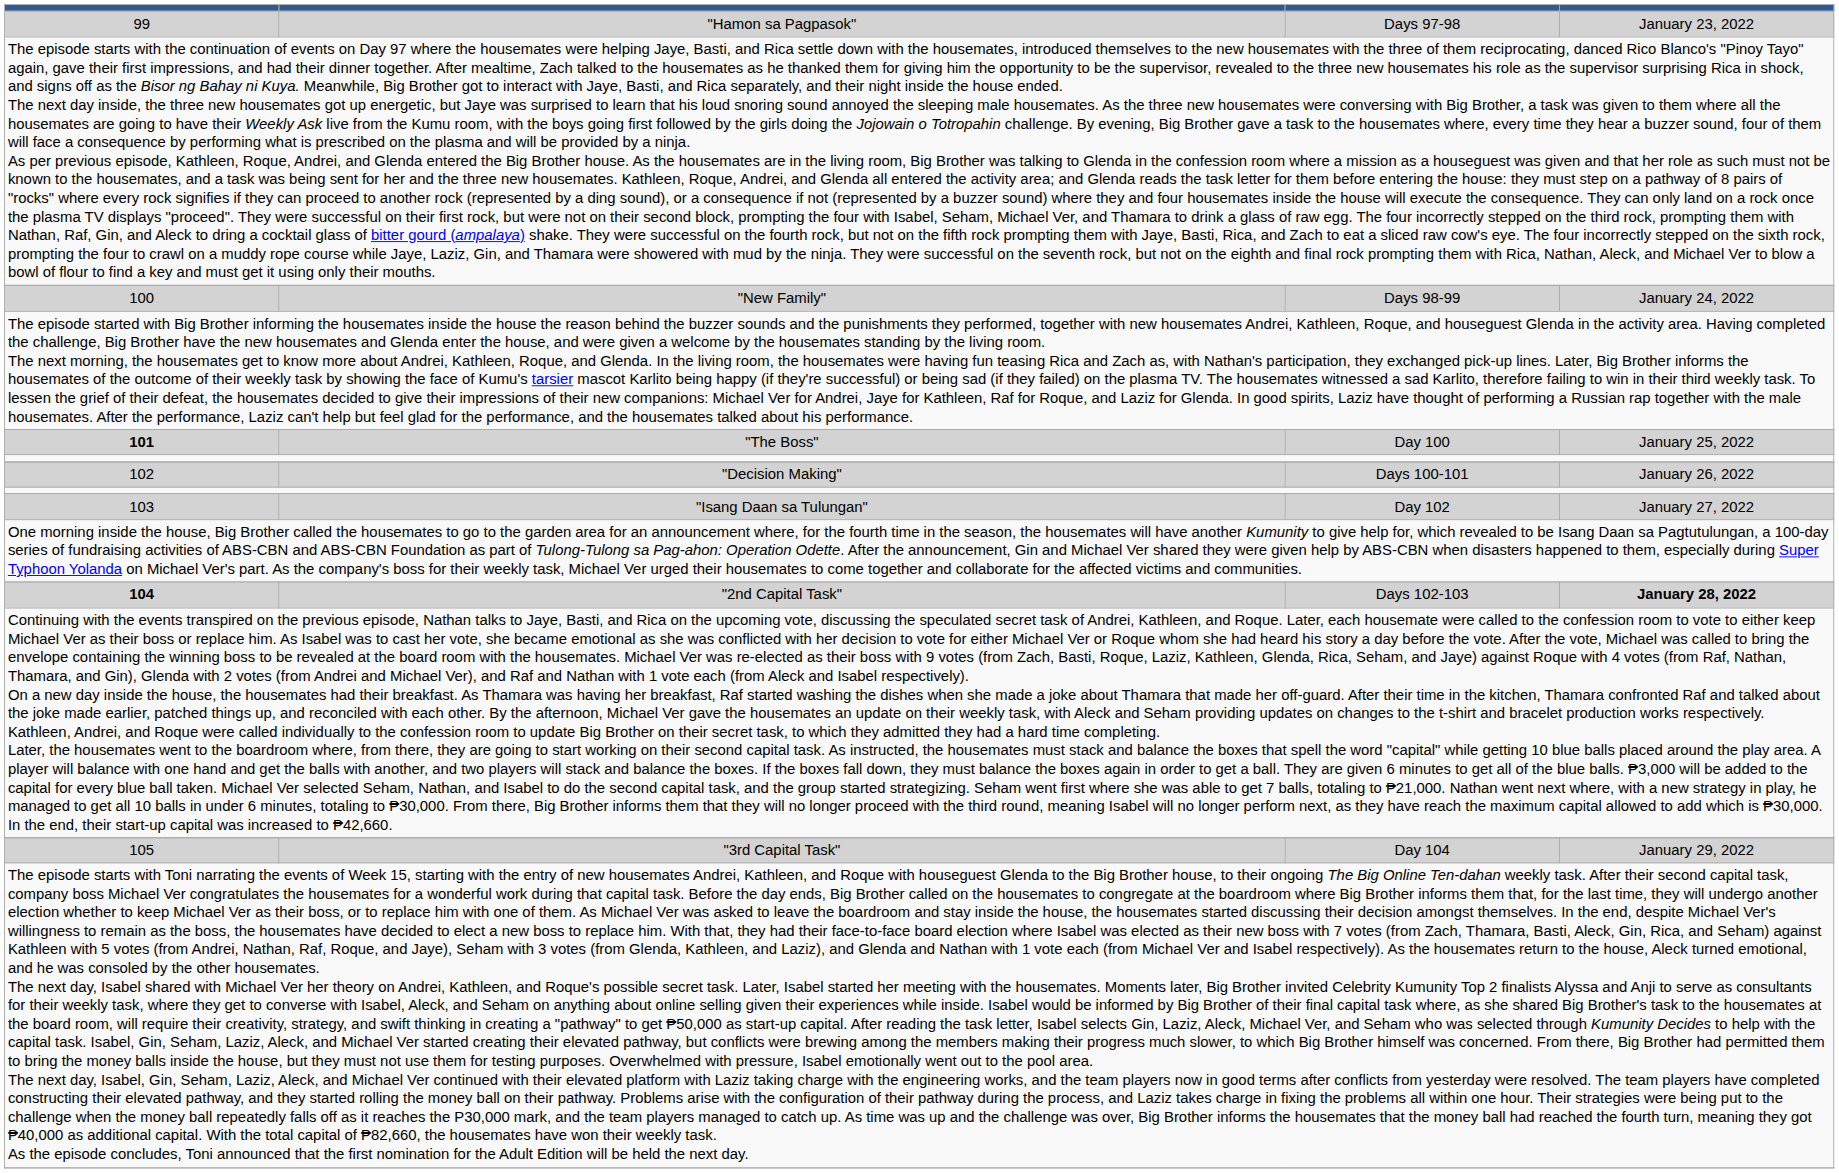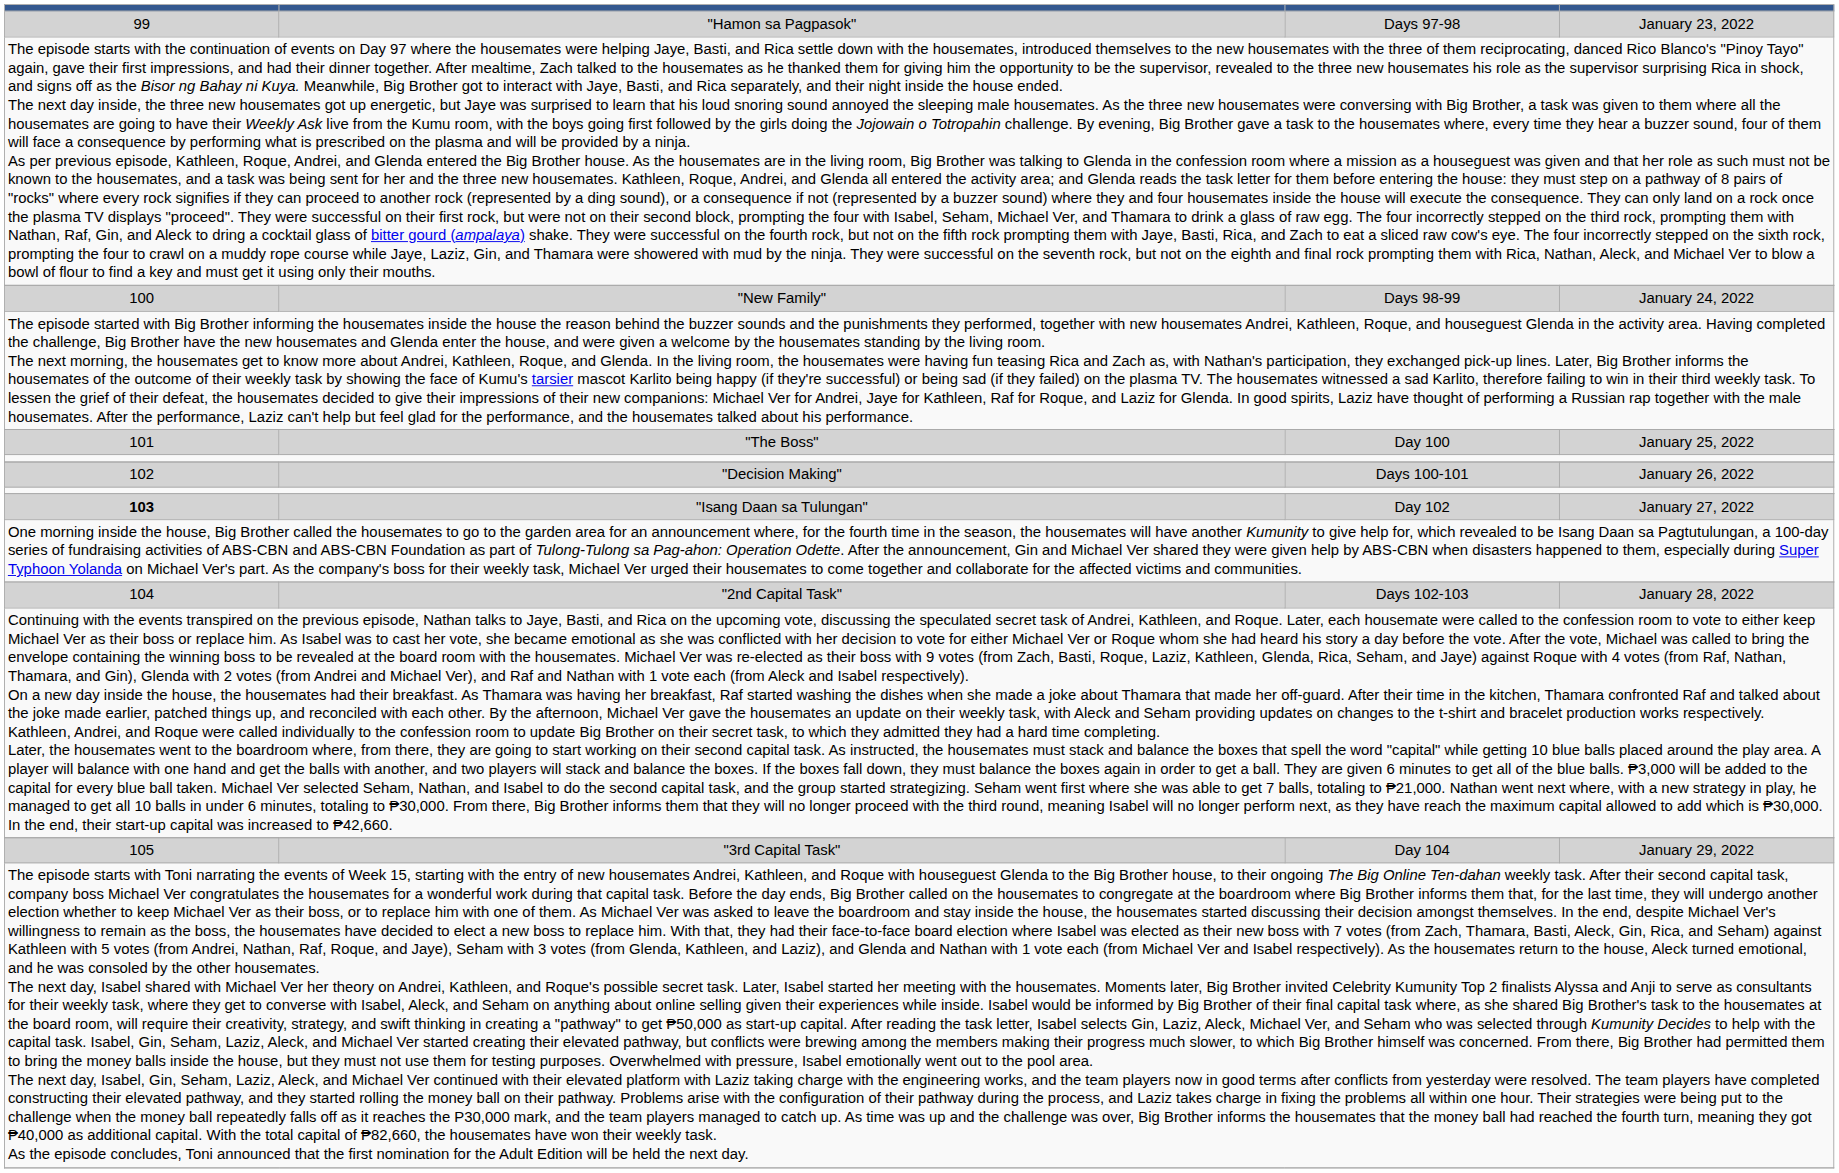 <table class="wikitable sortable" style="font-size:100%; line-height:20px; text-align:center">
 <tr>
 <th width="15%" style="background:#34588F"></th>
 <th width="55%" style="background:#34588F"></th>
 <th width="15%" style="background:#34588F"></th>
 <th width="15%" style="background:#34588F"></th>
 </tr>
 <tr style="background:lightgrey;">
 <td>99</td>
 <td>"Hamon sa Pagpasok"</td>
 <td>Days 97-98</td>
 <td>January 23, 2022</td>
 </tr>
 <tr>
 <td colspan="4" align="left">The episode starts with the continuation of events on Day 97 where the housemates were helping Jaye, Basti, and Rica settle down with the housemates, introduced themselves to the new housemates with the three of them reciprocating, danced Rico Blanco's "Pinoy Tayo" again, gave their first impressions, and had their dinner together. After mealtime, Zach talked to the housemates as he thanked them for giving him the opportunity to be the supervisor, revealed to the three new housemates his role as the supervisor surprising Rica in shock, and signs off as the <em>Bisor ng Bahay ni Kuya.</em> Meanwhile, Big Brother got to interact with Jaye, Basti, and Rica separately, and their night inside the house ended.<br>The next day inside, the three new housemates got up energetic, but Jaye was surprised to learn that his loud snoring sound annoyed the sleeping male housemates. As the three new housemates were conversing with Big Brother, a task was given to them where all the housemates are going to have their <em>Weekly Ask</em> live from the Kumu room, with the boys going first followed by the girls doing the <em>Jojowain o Totropahin</em> challenge. By evening, Big Brother gave a task to the housemates where, every time they hear a buzzer sound, four of them will face a consequence by performing what is prescribed on the plasma and will be provided by a ninja.<br>As per previous episode, Kathleen, Roque, Andrei, and Glenda entered the Big Brother house. As the housemates are in the living room, Big Brother was talking to Glenda in the confession room where a mission as a houseguest was given and that her role as such must not be known to the housemates, and a task was being sent for her and the three new housemates. Kathleen, Roque, Andrei, and Glenda all entered the activity area; and Glenda reads the task letter for them before entering the house: they must step on a pathway of 8 pairs of "rocks" where every rock signifies if they can proceed to another rock (represented by a ding sound), or a consequence if not (represented by a buzzer sound) where they and four housemates inside the house will execute the consequence. They can only land on a rock once the plasma TV displays "proceed". They were successful on their first rock, but were not on their second block, prompting the four with Isabel, Seham, Michael Ver, and Thamara to drink a glass of raw egg. The four incorrectly stepped on the third rock, prompting them with Nathan, Raf, Gin, and Aleck to dring a cocktail glass of <a href='#'>bitter gourd (<em>ampalaya</em>)</a> shake. They were successful on the fourth rock, but not on the fifth rock prompting them with Jaye, Basti, Rica, and Zach to eat a sliced raw cow's eye. The four incorrectly stepped on the sixth rock, prompting the four to crawl on a muddy rope course while Jaye, Laziz, Gin, and Thamara were showered with mud by the ninja. They were successful on the seventh rock, but not on the eighth and final rock prompting them with Rica, Nathan, Aleck, and Michael Ver to blow a bowl of flour to find a key and must get it using only their mouths.</td>
 </tr>
 <tr>
 </tr>
 <tr style="background:lightgrey;">
 <td>100</td>
 <td>"New Family"</td>
 <td>Days 98-99</td>
 <td>January 24, 2022</td>
 </tr>
 <tr>
 <td colspan="4" align="left">The episode started with Big Brother informing the housemates inside the house the reason behind the buzzer sounds and the punishments they performed, together with new housemates Andrei, Kathleen, Roque, and houseguest Glenda in the activity area. Having completed the challenge, Big Brother have the new housemates and Glenda enter the house, and were given a welcome by the housemates standing by the living room.<br>The next morning, the housemates get to know more about Andrei, Kathleen, Roque, and Glenda. In the living room, the housemates were having fun teasing Rica and Zach as, with Nathan's participation, they exchanged pick-up lines. Later, Big Brother informs the housemates of the outcome of their weekly task by showing the face of Kumu's <a href='#'>tarsier</a> mascot Karlito being happy (if they're successful) or being sad (if they failed) on the plasma TV. The housemates witnessed a sad Karlito, therefore failing to win in their third weekly task. To lessen the grief of their defeat, the housemates decided to give their impressions of their new companions: Michael Ver for Andrei, Jaye for Kathleen, Raf for Roque, and Laziz for Glenda. In good spirits, Laziz have thought of performing a Russian rap together with the male housemates. After the performance, Laziz can't help but feel glad for the performance, and the housemates talked about his performance.</td>
 </tr>
 <tr>
 </tr>
 <tr style="background:lightgrey;">
-<td><strong>101</strong></td>
+<td>101</td>
 <td>"The Boss"</td>
 <td>Day 100</td>
 <td>January 25, 2022</td>
 </tr>
 <tr>
 <td colspan="4" align="left"></td>
 </tr>
 <tr>
 </tr>
 <tr style="background:lightgrey;">
 <td>102</td>
 <td>"Decision Making"</td>
 <td>Days 100-101</td>
 <td>January 26, 2022</td>
 </tr>
 <tr>
 <td colspan="4" align="left"></td>
 </tr>
 <tr>
 </tr>
 <tr style="background:lightgrey;">
-<td>103</td>
+<td><strong>103</strong></td>
 <td>"Isang Daan sa Tulungan"</td>
 <td>Day 102</td>
 <td>January 27, 2022</td>
 </tr>
 <tr>
 <td colspan="4" align="left">One morning inside the house, Big Brother called the housemates to go to the garden area for an announcement where, for the fourth time in the season, the housemates will have another <em>Kumunity</em> to give help for, which revealed to be Isang Daan sa Pagtutulungan, a 100-day series of fundraising activities of ABS-CBN and ABS-CBN Foundation as part of <em>Tulong-Tulong sa Pag-ahon: Operation Odette</em>. After the announcement, Gin and Michael Ver shared they were given help by ABS-CBN when disasters happened to them, especially during <a href='#'>Super Typhoon Yolanda</a> on Michael Ver's part. As the company's boss for their weekly task, Michael Ver urged their housemates to come together and collaborate for the affected victims and communities.</td>
 </tr>
 <tr>
 </tr>
 <tr style="background:lightgrey;">
-<td><strong>104</strong></td>
+<td>104</td>
 <td>"2nd Capital Task"</td>
 <td>Days 102-103</td>
-<td><strong>January 28, 2022</strong></td>
+<td>January 28, 2022</td>
 </tr>
 <tr>
 <td colspan="4" align="left">Continuing with the events transpired on the previous episode, Nathan talks to Jaye, Basti, and Rica on the upcoming vote, discussing the speculated secret task of Andrei, Kathleen, and Roque. Later, each housemate were called to the confession room to vote to either keep Michael Ver as their boss or replace him. As Isabel was to cast her vote, she became emotional as she was conflicted with her decision to vote for either Michael Ver or Roque whom she had heard his story a day before the vote. After the vote, Michael was called to bring the envelope containing the winning boss to be revealed at the board room with the housemates. Michael Ver was re-elected as their boss with 9 votes (from Zach, Basti, Roque, Laziz, Kathleen, Glenda, Rica, Seham, and Jaye) against Roque with 4 votes (from Raf, Nathan, Thamara, and Gin), Glenda with 2 votes (from Andrei and Michael Ver), and Raf and Nathan with 1 vote each (from Aleck and Isabel respectively).<br>On a new day inside the house, the housemates had their breakfast. As Thamara was having her breakfast, Raf started washing the dishes when she made a joke about Thamara that made her off-guard. After their time in the kitchen, Thamara confronted Raf and talked about the joke made earlier, patched things up, and reconciled with each other. By the afternoon, Michael Ver gave the housemates an update on their weekly task, with Aleck and Seham providing updates on changes to the t-shirt and bracelet production works respectively. Kathleen, Andrei, and Roque were called individually to the confession room to update Big Brother on their secret task, to which they admitted they had a hard time completing.<br>Later, the housemates went to the boardroom where, from there, they are going to start working on their second capital task. As instructed, the housemates must stack and balance the boxes that spell the word "capital" while getting 10 blue balls placed around the play area. A player will balance with one hand and get the balls with another, and two players will stack and balance the boxes. If the boxes fall down, they must balance the boxes again in order to get a ball. They are given 6 minutes to get all of the blue balls. ₱3,000 will be added to the capital for every blue ball taken. Michael Ver selected Seham, Nathan, and Isabel to do the second capital task, and the group started strategizing. Seham went first where she was able to get 7 balls, totaling to ₱21,000. Nathan went next where, with a new strategy in play, he managed to get all 10 balls in under 6 minutes, totaling to ₱30,000. From there, Big Brother informs them that they will no longer proceed with the third round, meaning Isabel will no longer perform next, as they have reach the maximum capital allowed to add which is ₱30,000. In the end, their start-up capital was increased to ₱42,660.</td>
 </tr>
 <tr>
 </tr>
 <tr style="background:lightgrey;">
 <td>105</td>
 <td>"3rd Capital Task"</td>
 <td>Day 104</td>
 <td>January 29, 2022</td>
 </tr>
 <tr>
 <td colspan="4" align="left">The episode starts with Toni narrating the events of Week 15, starting with the entry of new housemates Andrei, Kathleen, and Roque with houseguest Glenda to the Big Brother house, to their ongoing <em>The Big Online Ten-dahan</em> weekly task. After their second capital task, company boss Michael Ver congratulates the housemates for a wonderful work during that capital task. Before the day ends, Big Brother called on the housemates to congregate at the boardroom where Big Brother informs them that, for the last time, they will undergo another election whether to keep Michael Ver as their boss, or to replace him with one of them. As Michael Ver was asked to leave the boardroom and stay inside the house, the housemates started discussing their decision amongst themselves. In the end, despite Michael Ver's willingness to remain as the boss, the housemates have decided to elect a new boss to replace him. With that, they had their face-to-face board election where Isabel was elected as their new boss with 7 votes (from Zach, Thamara, Basti, Aleck, Gin, Rica, and Seham) against Kathleen with 5 votes (from Andrei, Nathan, Raf, Roque, and Jaye), Seham with 3 votes (from Glenda, Kathleen, and Laziz), and Glenda and Nathan with 1 vote each (from Michael Ver and Isabel respectively). As the housemates return to the house, Aleck turned emotional, and he was consoled by the other housemates.<br>The next day, Isabel shared with Michael Ver her theory on Andrei, Kathleen, and Roque's possible secret task. Later, Isabel started her meeting with the housemates. Moments later, Big Brother invited Celebrity Kumunity Top 2 finalists Alyssa and Anji to serve as consultants for their weekly task, where they get to converse with Isabel, Aleck, and Seham on anything about online selling given their experiences while inside. Isabel would be informed by Big Brother of their final capital task where, as she shared Big Brother's task to the housemates at the board room, will require their creativity, strategy, and swift thinking in creating a "pathway" to get ₱50,000 as start-up capital. After reading the task letter, Isabel selects Gin, Laziz, Aleck, Michael Ver, and Seham who was selected through <em>Kumunity Decides</em> to help with the capital task. Isabel, Gin, Seham, Laziz, Aleck, and Michael Ver started creating their elevated pathway, but conflicts were brewing among the members making their progress much slower, to which Big Brother himself was concerned. From there, Big Brother had permitted them to bring the money balls inside the house, but they must not use them for testing purposes. Overwhelmed with pressure, Isabel emotionally went out to the pool area.<br>The next day, Isabel, Gin, Seham, Laziz, Aleck, and Michael Ver continued with their elevated platform with Laziz taking charge with the engineering works, and the team players now in good terms after conflicts from yesterday were resolved. The team players have completed constructing their elevated pathway, and they started rolling the money ball on their pathway. Problems arise with the configuration of their pathway during the process, and Laziz takes charge in fixing the problems all within one hour. Their strategies were being put to the challenge when the money ball repeatedly falls off as it reaches the P30,000 mark, and the team players managed to catch up. As time was up and the challenge was over, Big Brother informs the housemates that the money ball had reached the fourth turn, meaning they got ₱40,000 as additional capital. With the total capital of ₱82,660, the housemates have won their weekly task.<br>As the episode concludes, Toni announced that the first nomination for the Adult Edition will be held the next day.</td>
 </tr>
 <tr>
 </tr>
 </table>
